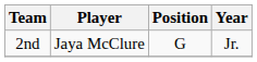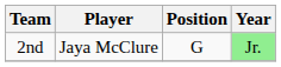 <table class="wikitable" border="1">
 <tr align=center>
 <th style= >Team</th>
 <th style= >Player</th>
 <th style= >Position</th>
 <th style= >Year</th>
 </tr>
 <tr align="center">
 <td>2nd</td>
 <td>Jaya McClure</td>
 <td>G</td>
-<td>Jr.</td>
+<td style="background: lightgreen;">Jr.</td>
 </tr>
 <tr>
 </tr>
 </table>
